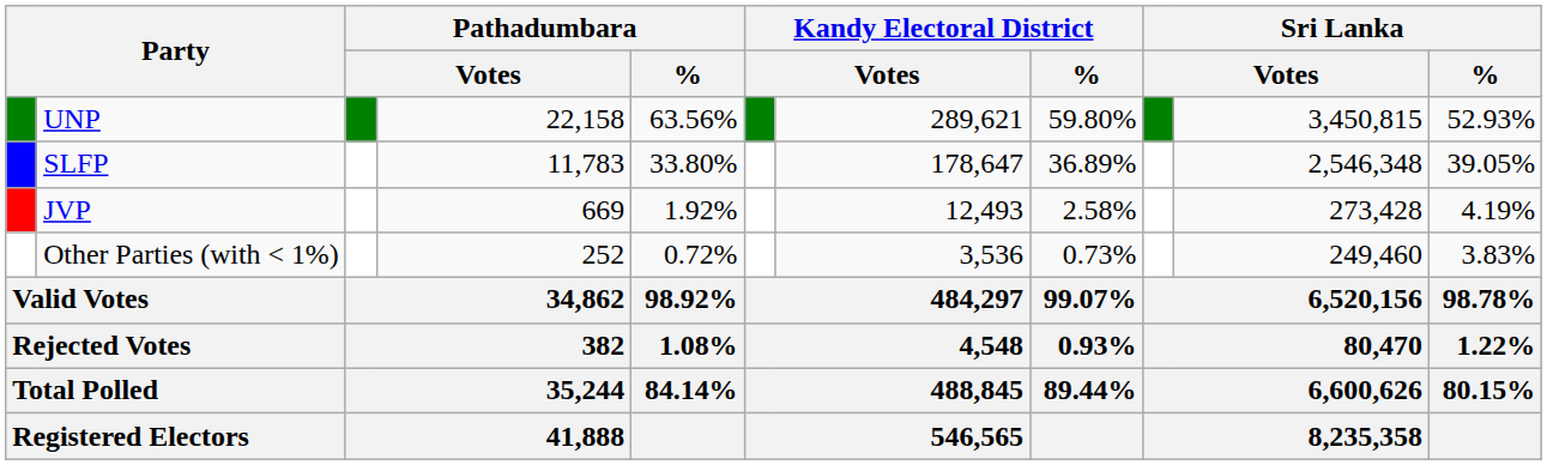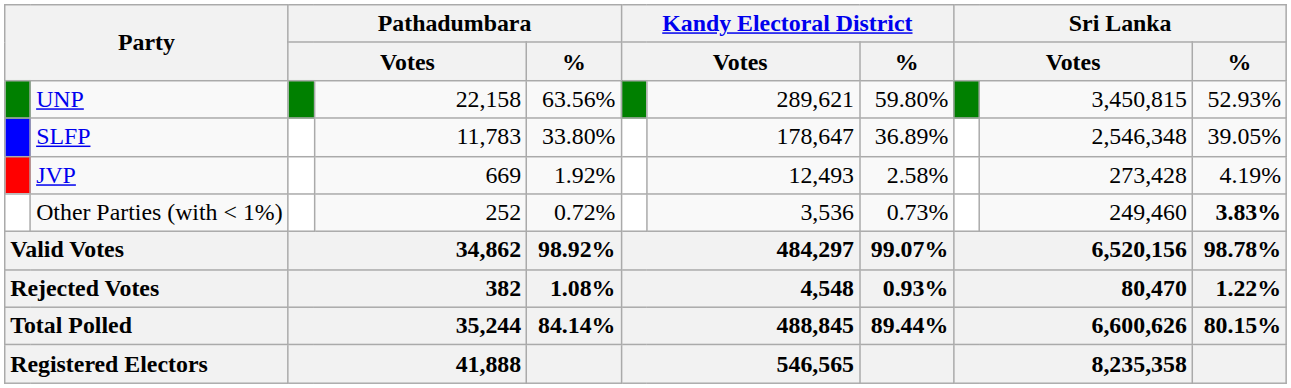 <table class="wikitable">
 <tr>
 <th colspan="2" width="144px"rowspan="2">Party</th>
 <th colspan="3" width="216px">Pathadumbara</th>
 <th colspan="3" width="216px"><a href='#'>Kandy Electoral District</a></th>
 <th colspan="3" width="216px">Sri Lanka</th>
 </tr>
 <tr>
 <th colspan="2" width="144px">Votes</th>
 <th>%</th>
 <th colspan="2" width="144px">Votes</th>
 <th>%</th>
 <th colspan="2" width="144px">Votes</th>
 <th>%</th>
 </tr>
 <tr>
 <td style="background-color:green;" width="10px"></td>
 <td style="text-align:left;"><a href='#'>UNP</a></td>
 <td style="background-color:green;" width="10px"></td>
 <td style="text-align:right;">22,158</td>
 <td style="text-align:right;">63.56%</td>
 <td style="background-color:green;" width="10px"></td>
 <td style="text-align:right;">289,621</td>
 <td style="text-align:right;">59.80%</td>
 <td style="background-color:green;" width="10px"></td>
 <td style="text-align:right;">3,450,815</td>
 <td style="text-align:right;">52.93%</td>
 </tr>
 <tr>
 <td style="background-color:blue;" width="10px"></td>
 <td style="text-align:left;"><a href='#'>SLFP</a></td>
 <td style="background-color:white;" width="10px"></td>
 <td style="text-align:right;">11,783</td>
 <td style="text-align:right;">33.80%</td>
 <td style="background-color:white;" width="10px"></td>
 <td style="text-align:right;">178,647</td>
 <td style="text-align:right;">36.89%</td>
 <td style="background-color:white;" width="10px"></td>
 <td style="text-align:right;">2,546,348</td>
 <td style="text-align:right;">39.05%</td>
 </tr>
 <tr>
 <td style="background-color:red;" width="10px"></td>
 <td style="text-align:left;"><a href='#'>JVP</a></td>
 <td style="background-color:white;" width="10px"></td>
 <td style="text-align:right;">669</td>
 <td style="text-align:right;">1.92%</td>
 <td style="background-color:white;" width="10px"></td>
 <td style="text-align:right;">12,493</td>
 <td style="text-align:right;">2.58%</td>
 <td style="background-color:white;" width="10px"></td>
 <td style="text-align:right;">273,428</td>
 <td style="text-align:right;">4.19%</td>
 </tr>
 <tr>
 <td style="background-color:white;" width="10px"></td>
 <td style="text-align:left;">Other Parties (with < 1%)</td>
 <td style="background-color:white;" width="10px"></td>
 <td style="text-align:right;">252</td>
 <td style="text-align:right;">0.72%</td>
 <td style="background-color:white;" width="10px"></td>
 <td style="text-align:right;">3,536</td>
 <td style="text-align:right;">0.73%</td>
 <td style="background-color:white;" width="10px"></td>
 <td style="text-align:right;">249,460</td>
-<td style="text-align:right;">3.83%</td>
+<td style="text-align:right;"><strong>3.83%</strong></td>
 </tr>
 <tr>
 <th colspan="2" width="144px"style="text-align:left;">Valid Votes</th>
 <th style="text-align:right;"colspan="2" width="144px">34,862</th>
 <th style="text-align:right;">98.92%</th>
 <th style="text-align:right;"colspan="2" width="144px">484,297</th>
 <th style="text-align:right;">99.07%</th>
 <th style="text-align:right;"colspan="2" width="144px">6,520,156</th>
 <th style="text-align:right;">98.78%</th>
 </tr>
 <tr>
 <th colspan="2" width="144px"style="text-align:left;">Rejected Votes</th>
 <th style="text-align:right;"colspan="2" width="144px">382</th>
 <th style="text-align:right;">1.08%</th>
 <th style="text-align:right;"colspan="2" width="144px">4,548</th>
 <th style="text-align:right;">0.93%</th>
 <th style="text-align:right;"colspan="2" width="144px">80,470</th>
 <th style="text-align:right;">1.22%</th>
 </tr>
 <tr>
 <th colspan="2" width="144px"style="text-align:left;">Total Polled</th>
 <th style="text-align:right;"colspan="2" width="144px">35,244</th>
 <th style="text-align:right;">84.14%</th>
 <th style="text-align:right;"colspan="2" width="144px">488,845</th>
 <th style="text-align:right;">89.44%</th>
 <th style="text-align:right;"colspan="2" width="144px">6,600,626</th>
 <th style="text-align:right;">80.15%</th>
 </tr>
 <tr>
 <th colspan="2" width="144px"style="text-align:left;">Registered Electors</th>
 <th style="text-align:right;"colspan="2" width="144px">41,888</th>
 <th></th>
 <th style="text-align:right;"colspan="2" width="144px">546,565</th>
 <th></th>
 <th style="text-align:right;"colspan="2" width="144px">8,235,358</th>
 <th></th>
 </tr>
 </table>
